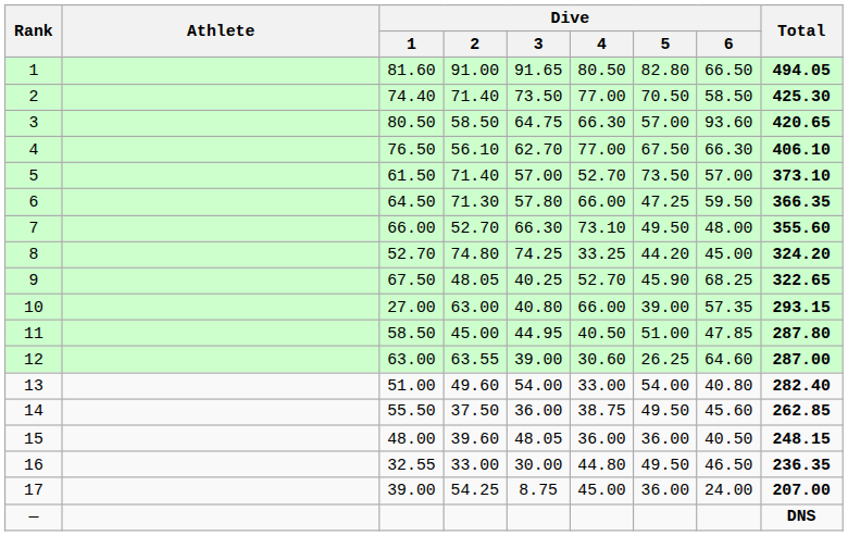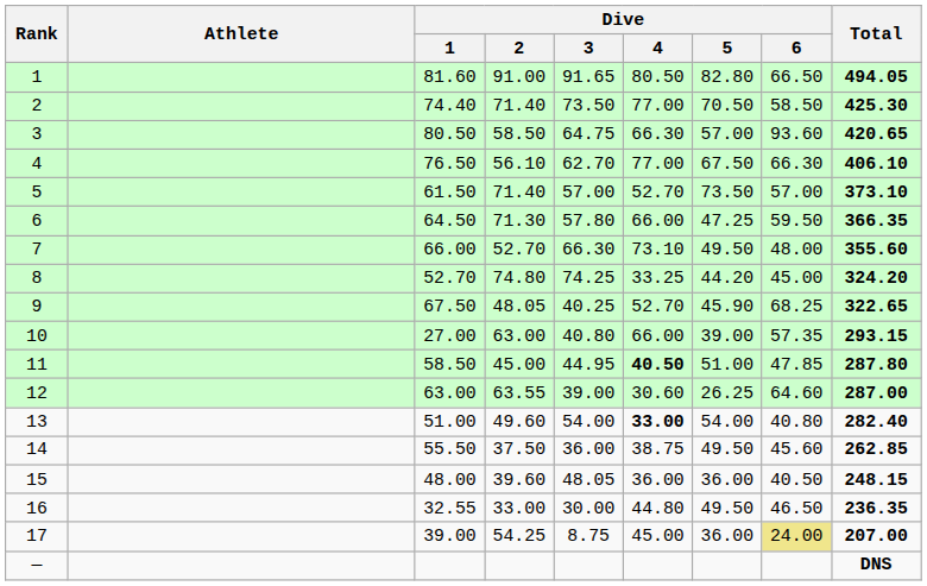 <table class=wikitable style="text-align:center">
 <tr>
 <th rowspan="2" width=40>Rank</th>
 <th rowspan="2" width=250>Athlete</th>
 <th colspan="6">Dive</th>
 <th rowspan="2" width=60>Total</th>
 </tr>
 <tr>
 <th width=45>1</th>
 <th width=45>2</th>
 <th width=45>3</th>
 <th width=45>4</th>
 <th width=45>5</th>
 <th width=45>6</th>
 </tr>
 <tr bgcolor=ccffcc>
 <td>1</td>
 <td align=left></td>
 <td>81.60</td>
 <td>91.00</td>
 <td>91.65</td>
 <td>80.50</td>
 <td>82.80</td>
 <td>66.50</td>
 <td><strong>494.05</strong></td>
 </tr>
 <tr bgcolor=ccffcc>
 <td>2</td>
 <td align=left></td>
 <td>74.40</td>
 <td>71.40</td>
 <td>73.50</td>
 <td>77.00</td>
 <td>70.50</td>
 <td>58.50</td>
 <td><strong>425.30</strong></td>
 </tr>
 <tr bgcolor=ccffcc>
 <td>3</td>
 <td align=left></td>
 <td>80.50</td>
 <td>58.50</td>
 <td>64.75</td>
 <td>66.30</td>
 <td>57.00</td>
 <td>93.60</td>
 <td><strong>420.65</strong></td>
 </tr>
 <tr bgcolor=ccffcc>
 <td>4</td>
 <td align=left></td>
 <td>76.50</td>
 <td>56.10</td>
 <td>62.70</td>
 <td>77.00</td>
 <td>67.50</td>
 <td>66.30</td>
 <td><strong>406.10</strong></td>
 </tr>
 <tr bgcolor=ccffcc>
 <td>5</td>
 <td align=left></td>
 <td>61.50</td>
 <td>71.40</td>
 <td>57.00</td>
 <td>52.70</td>
 <td>73.50</td>
 <td>57.00</td>
 <td><strong>373.10</strong></td>
 </tr>
 <tr bgcolor=ccffcc>
 <td>6</td>
 <td align=left></td>
 <td>64.50</td>
 <td>71.30</td>
 <td>57.80</td>
 <td>66.00</td>
 <td>47.25</td>
 <td>59.50</td>
 <td><strong>366.35</strong></td>
 </tr>
 <tr bgcolor=ccffcc>
 <td>7</td>
 <td align=left></td>
 <td>66.00</td>
 <td>52.70</td>
 <td>66.30</td>
 <td>73.10</td>
 <td>49.50</td>
 <td>48.00</td>
 <td><strong>355.60</strong></td>
 </tr>
 <tr bgcolor=ccffcc>
 <td>8</td>
 <td align=left></td>
 <td>52.70</td>
 <td>74.80</td>
 <td>74.25</td>
 <td>33.25</td>
 <td>44.20</td>
 <td>45.00</td>
 <td><strong>324.20</strong></td>
 </tr>
 <tr bgcolor=ccffcc>
 <td>9</td>
 <td align=left></td>
 <td>67.50</td>
 <td>48.05</td>
 <td>40.25</td>
 <td>52.70</td>
 <td>45.90</td>
 <td>68.25</td>
 <td><strong>322.65</strong></td>
 </tr>
 <tr bgcolor=ccffcc>
 <td>10</td>
 <td align=left></td>
 <td>27.00</td>
 <td>63.00</td>
 <td>40.80</td>
 <td>66.00</td>
 <td>39.00</td>
 <td>57.35</td>
 <td><strong>293.15</strong></td>
 </tr>
 <tr bgcolor=ccffcc>
 <td>11</td>
 <td align=left></td>
 <td>58.50</td>
 <td>45.00</td>
 <td>44.95</td>
-<td>40.50</td>
+<td><strong>40.50</strong></td>
 <td>51.00</td>
 <td>47.85</td>
 <td><strong>287.80</strong></td>
 </tr>
 <tr bgcolor=ccffcc>
 <td>12</td>
 <td align=left></td>
 <td>63.00</td>
 <td>63.55</td>
 <td>39.00</td>
 <td>30.60</td>
 <td>26.25</td>
 <td>64.60</td>
 <td><strong>287.00</strong></td>
 </tr>
 <tr>
 <td>13</td>
 <td align=left></td>
 <td>51.00</td>
 <td>49.60</td>
 <td>54.00</td>
-<td>33.00</td>
+<td><strong>33.00</strong></td>
 <td>54.00</td>
 <td>40.80</td>
 <td><strong>282.40</strong></td>
 </tr>
 <tr>
 <td>14</td>
 <td align=left></td>
 <td>55.50</td>
 <td>37.50</td>
 <td>36.00</td>
 <td>38.75</td>
 <td>49.50</td>
 <td>45.60</td>
 <td><strong>262.85</strong></td>
 </tr>
 <tr>
 <td>15</td>
 <td align=left></td>
 <td>48.00</td>
 <td>39.60</td>
 <td>48.05</td>
 <td>36.00</td>
 <td>36.00</td>
 <td>40.50</td>
 <td><strong>248.15</strong></td>
 </tr>
 <tr>
 <td>16</td>
 <td align=left></td>
 <td>32.55</td>
 <td>33.00</td>
 <td>30.00</td>
 <td>44.80</td>
 <td>49.50</td>
 <td>46.50</td>
 <td><strong>236.35</strong></td>
 </tr>
 <tr>
 <td>17</td>
 <td align=left></td>
 <td>39.00</td>
 <td>54.25</td>
 <td>8.75</td>
 <td>45.00</td>
 <td>36.00</td>
-<td>24.00</td>
+<td style="background: khaki;">24.00</td>
 <td><strong>207.00</strong></td>
 </tr>
 <tr>
 <td>—</td>
 <td align=left></td>
 <td></td>
 <td></td>
 <td></td>
 <td></td>
 <td></td>
 <td></td>
 <td><strong>DNS</strong></td>
 </tr>
 </table>
